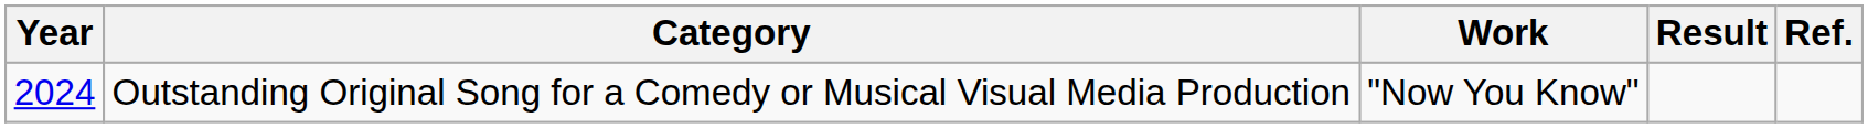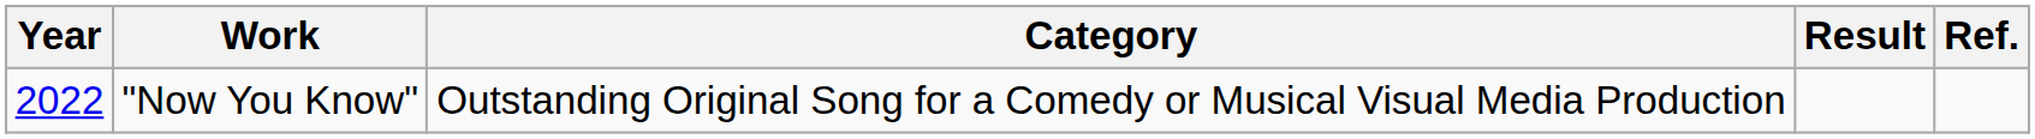 <table class="wikitable">
 <tr>
 <th>Year</th>
+<th>Work</th>
 <th>Category</th>
-<th>Work</th>
 <th>Result</th>
 <th>Ref.</th>
 </tr>
 <tr>
-<td><a href='#'>2024</a></td>
+<td><a href='#'>2022</a></td>
+<td>"Now You Know"</td>
 <td>Outstanding Original Song for a Comedy or Musical Visual Media Production</td>
-<td>"Now You Know"</td>
 <td></td>
 <td align="center"></td>
 </tr>
 </table>
